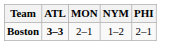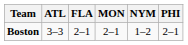 <table class="wikitable" style="text-align:center; font-size: 95%;">
 <tr>
 <th>Team</th>
 <th><strong>ATL</strong></th>
+<th><strong>FLA</strong></th>
 <th><strong>MON</strong></th>
 <th><strong>NYM</strong></th>
 <th><strong>PHI</strong></th>
 </tr>
 <tr>
 <td><strong>Boston</strong></td>
-<td><strong>3–3</strong></td>
+<td>3–3</td>
+<td>2–1</td>
 <td>2–1</td>
 <td>1–2</td>
 <td>2–1</td>
 </tr>
 </table>
